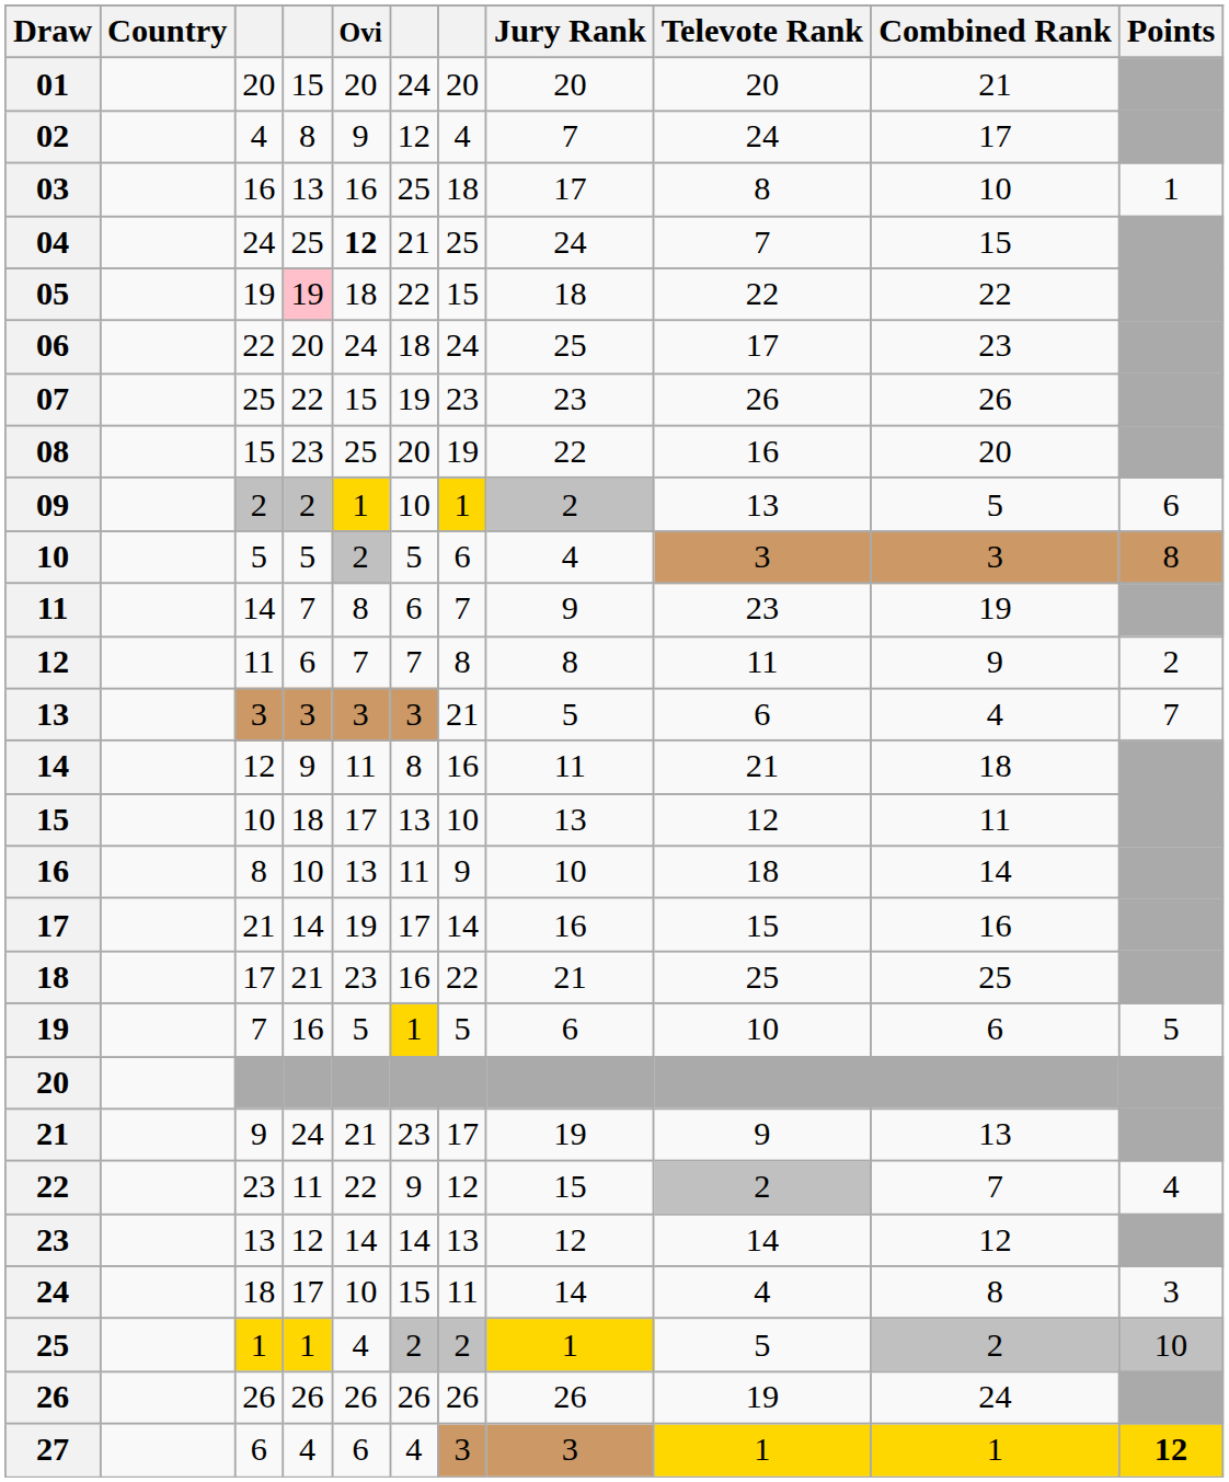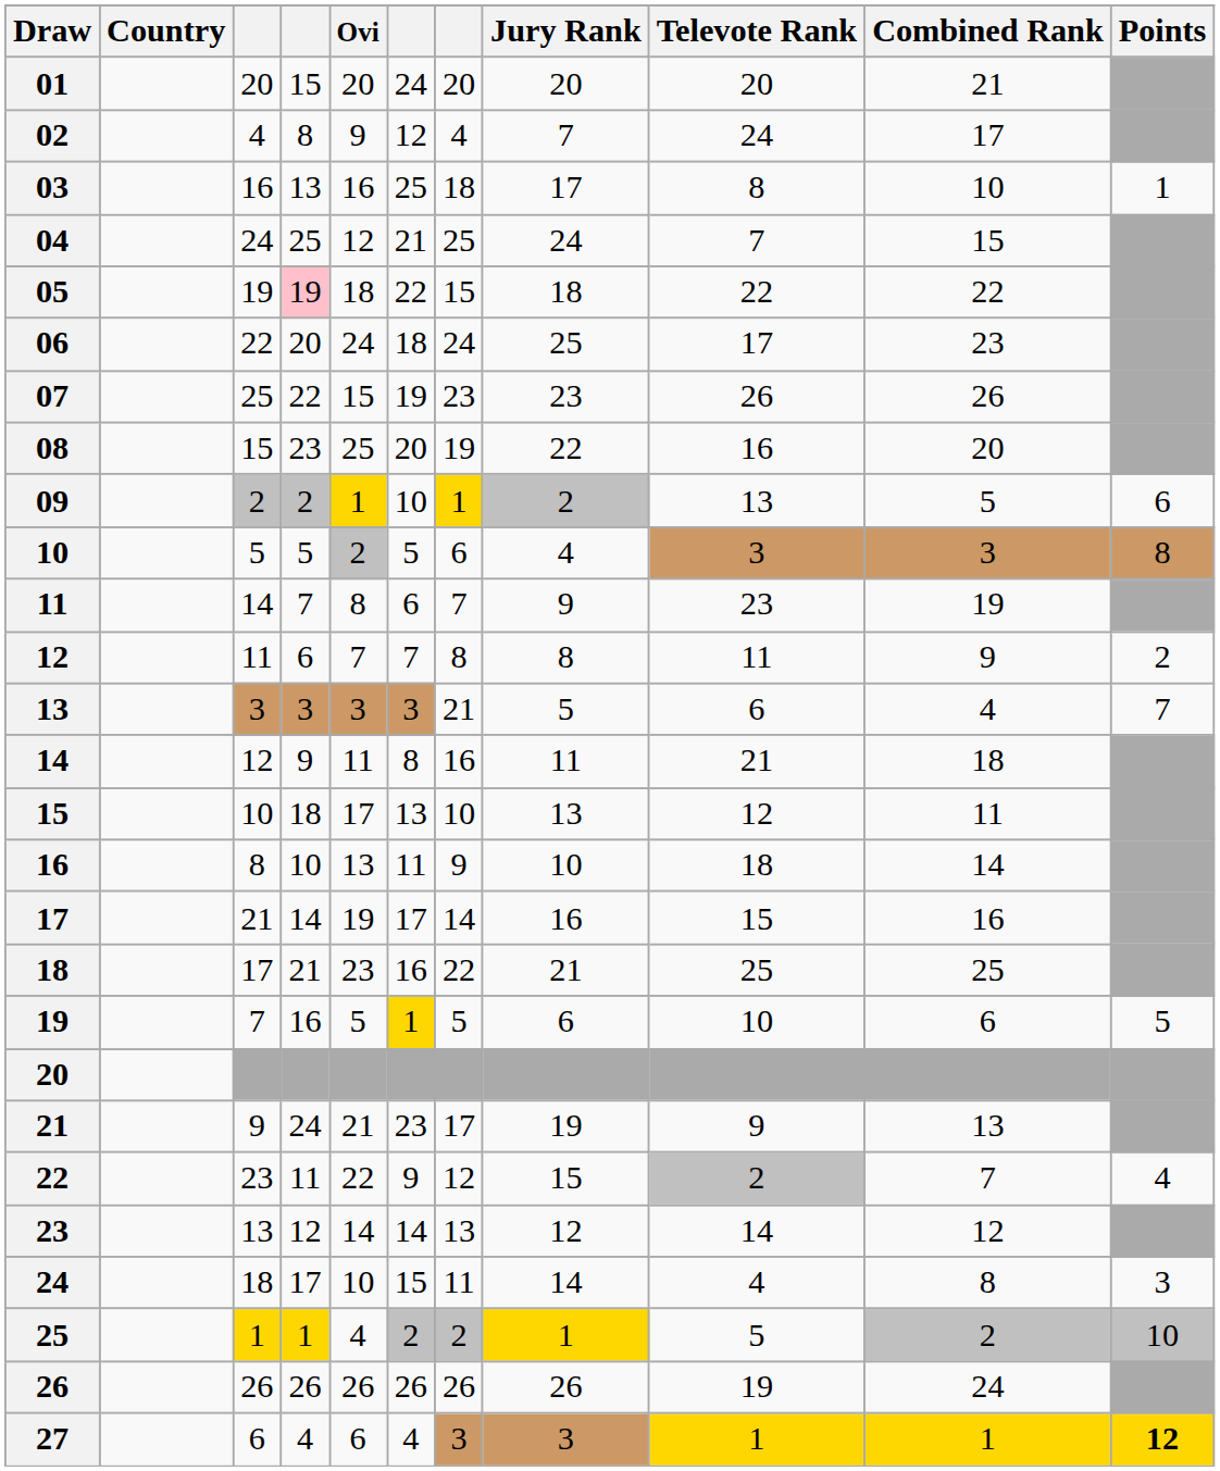 <table class="sortable wikitable collapsible plainrowheaders" style="text-align:center;">
 <tr>
 </tr>
 <tr>
 <th scope="col">Draw</th>
 <th scope="col">Country</th>
 <th scope="col"><small></small></th>
 <th scope="col"><small></small></th>
 <th scope="col"><small>Ovi</small></th>
 <th scope="col"><small></small></th>
 <th scope="col"><small></small></th>
 <th scope="col">Jury Rank</th>
 <th scope="col">Televote Rank</th>
 <th scope="col">Combined Rank</th>
 <th scope="col">Points</th>
 </tr>
 <tr>
 <th scope="row" style="text-align:center;">01</th>
 <td style="text-align:left;"></td>
 <td>20</td>
 <td>15</td>
 <td>20</td>
 <td>24</td>
 <td>20</td>
 <td>20</td>
 <td>20</td>
 <td>21</td>
 <td style="background:#AAAAAA;"></td>
 </tr>
 <tr>
 <th scope="row" style="text-align:center;">02</th>
 <td style="text-align:left;"></td>
 <td>4</td>
 <td>8</td>
 <td>9</td>
 <td>12</td>
 <td>4</td>
 <td>7</td>
 <td>24</td>
 <td>17</td>
 <td style="background:#AAAAAA;"></td>
 </tr>
 <tr>
 <th scope="row" style="text-align:center;">03</th>
 <td style="text-align:left;"></td>
 <td>16</td>
 <td>13</td>
 <td>16</td>
 <td>25</td>
 <td>18</td>
 <td>17</td>
 <td>8</td>
 <td>10</td>
 <td>1</td>
 </tr>
 <tr>
 <th scope="row" style="text-align:center;">04</th>
 <td style="text-align:left;"></td>
 <td>24</td>
 <td>25</td>
-<td><strong>12</strong></td>
+<td>12</td>
 <td>21</td>
 <td>25</td>
 <td>24</td>
 <td>7</td>
 <td>15</td>
 <td style="background:#AAAAAA;"></td>
 </tr>
 <tr>
 <th scope="row" style="text-align:center;">05</th>
 <td style="text-align:left;"></td>
 <td>19</td>
 <td style="background: pink;">19</td>
 <td>18</td>
 <td>22</td>
 <td>15</td>
 <td>18</td>
 <td>22</td>
 <td>22</td>
 <td style="background:#AAAAAA;"></td>
 </tr>
 <tr>
 <th scope="row" style="text-align:center;">06</th>
 <td style="text-align:left;"></td>
 <td>22</td>
 <td>20</td>
 <td>24</td>
 <td>18</td>
 <td>24</td>
 <td>25</td>
 <td>17</td>
 <td>23</td>
 <td style="background:#AAAAAA;"></td>
 </tr>
 <tr>
 <th scope="row" style="text-align:center;">07</th>
 <td style="text-align:left;"></td>
 <td>25</td>
 <td>22</td>
 <td>15</td>
 <td>19</td>
 <td>23</td>
 <td>23</td>
 <td>26</td>
 <td>26</td>
 <td style="background:#AAAAAA;"></td>
 </tr>
 <tr>
 <th scope="row" style="text-align:center;">08</th>
 <td style="text-align:left;"></td>
 <td>15</td>
 <td>23</td>
 <td>25</td>
 <td>20</td>
 <td>19</td>
 <td>22</td>
 <td>16</td>
 <td>20</td>
 <td style="background:#AAAAAA;"></td>
 </tr>
 <tr>
 <th scope="row" style="text-align:center;">09</th>
 <td style="text-align:left;"></td>
 <td style="background:silver;">2</td>
 <td style="background:silver;">2</td>
 <td style="background:gold;">1</td>
 <td>10</td>
 <td style="background:gold;">1</td>
 <td style="background:silver;">2</td>
 <td>13</td>
 <td>5</td>
 <td>6</td>
 </tr>
 <tr>
 <th scope="row" style="text-align:center;">10</th>
 <td style="text-align:left;"></td>
 <td>5</td>
 <td>5</td>
 <td style="background:silver;">2</td>
 <td>5</td>
 <td>6</td>
 <td>4</td>
 <td style="background:#CC9966;">3</td>
 <td style="background:#CC9966;">3</td>
 <td style="background:#CC9966;">8</td>
 </tr>
 <tr>
 <th scope="row" style="text-align:center;">11</th>
 <td style="text-align:left;"></td>
 <td>14</td>
 <td>7</td>
 <td>8</td>
 <td>6</td>
 <td>7</td>
 <td>9</td>
 <td>23</td>
 <td>19</td>
 <td style="background:#AAAAAA;"></td>
 </tr>
 <tr>
 <th scope="row" style="text-align:center;">12</th>
 <td style="text-align:left;"></td>
 <td>11</td>
 <td>6</td>
 <td>7</td>
 <td>7</td>
 <td>8</td>
 <td>8</td>
 <td>11</td>
 <td>9</td>
 <td>2</td>
 </tr>
 <tr>
 <th scope="row" style="text-align:center;">13</th>
 <td style="text-align:left;"></td>
 <td style="background:#CC9966;">3</td>
 <td style="background:#CC9966;">3</td>
 <td style="background:#CC9966;">3</td>
 <td style="background:#CC9966;">3</td>
 <td>21</td>
 <td>5</td>
 <td>6</td>
 <td>4</td>
 <td>7</td>
 </tr>
 <tr>
 <th scope="row" style="text-align:center;">14</th>
 <td style="text-align:left;"></td>
 <td>12</td>
 <td>9</td>
 <td>11</td>
 <td>8</td>
 <td>16</td>
 <td>11</td>
 <td>21</td>
 <td>18</td>
 <td style="background:#AAAAAA;"></td>
 </tr>
 <tr>
 <th scope="row" style="text-align:center;">15</th>
 <td style="text-align:left;"></td>
 <td>10</td>
 <td>18</td>
 <td>17</td>
 <td>13</td>
 <td>10</td>
 <td>13</td>
 <td>12</td>
 <td>11</td>
 <td style="background:#AAAAAA;"></td>
 </tr>
 <tr>
 <th scope="row" style="text-align:center;">16</th>
 <td style="text-align:left;"></td>
 <td>8</td>
 <td>10</td>
 <td>13</td>
 <td>11</td>
 <td>9</td>
 <td>10</td>
 <td>18</td>
 <td>14</td>
 <td style="background:#AAAAAA;"></td>
 </tr>
 <tr>
 <th scope="row" style="text-align:center;">17</th>
 <td style="text-align:left;"></td>
 <td>21</td>
 <td>14</td>
 <td>19</td>
 <td>17</td>
 <td>14</td>
 <td>16</td>
 <td>15</td>
 <td>16</td>
 <td style="background:#AAAAAA;"></td>
 </tr>
 <tr>
 <th scope="row" style="text-align:center;">18</th>
 <td style="text-align:left;"></td>
 <td>17</td>
 <td>21</td>
 <td>23</td>
 <td>16</td>
 <td>22</td>
 <td>21</td>
 <td>25</td>
 <td>25</td>
 <td style="background:#AAAAAA;"></td>
 </tr>
 <tr>
 <th scope="row" style="text-align:center;">19</th>
 <td style="text-align:left;"></td>
 <td>7</td>
 <td>16</td>
 <td>5</td>
 <td style="background:gold;">1</td>
 <td>5</td>
 <td>6</td>
 <td>10</td>
 <td>6</td>
 <td>5</td>
 </tr>
 <tr class="sortbottom">
 <th scope="row" style="text-align:center;">20</th>
 <td style="text-align:left;"></td>
 <td style="background:#AAAAAA;"></td>
 <td style="background:#AAAAAA;"></td>
 <td style="background:#AAAAAA;"></td>
 <td style="background:#AAAAAA;"></td>
 <td style="background:#AAAAAA;"></td>
 <td style="background:#AAAAAA;"></td>
 <td style="background:#AAAAAA;"></td>
 <td style="background:#AAAAAA;"></td>
 <td style="background:#AAAAAA;"></td>
 </tr>
 <tr>
 <th scope="row" style="text-align:center;">21</th>
 <td style="text-align:left;"></td>
 <td>9</td>
 <td>24</td>
 <td>21</td>
 <td>23</td>
 <td>17</td>
 <td>19</td>
 <td>9</td>
 <td>13</td>
 <td style="background:#AAAAAA;"></td>
 </tr>
 <tr>
 <th scope="row" style="text-align:center;">22</th>
 <td style="text-align:left;"></td>
 <td>23</td>
 <td>11</td>
 <td>22</td>
 <td>9</td>
 <td>12</td>
 <td>15</td>
 <td style="background:silver;">2</td>
 <td>7</td>
 <td>4</td>
 </tr>
 <tr>
 <th scope="row" style="text-align:center;">23</th>
 <td style="text-align:left;"></td>
 <td>13</td>
 <td>12</td>
 <td>14</td>
 <td>14</td>
 <td>13</td>
 <td>12</td>
 <td>14</td>
 <td>12</td>
 <td style="background:#AAAAAA;"></td>
 </tr>
 <tr>
 <th scope="row" style="text-align:center;">24</th>
 <td style="text-align:left;"></td>
 <td>18</td>
 <td>17</td>
 <td>10</td>
 <td>15</td>
 <td>11</td>
 <td>14</td>
 <td>4</td>
 <td>8</td>
 <td>3</td>
 </tr>
 <tr>
 <th scope="row" style="text-align:center;">25</th>
 <td style="text-align:left;"></td>
 <td style="background:gold;">1</td>
 <td style="background:gold;">1</td>
 <td>4</td>
 <td style="background:silver;">2</td>
 <td style="background:silver;">2</td>
 <td style="background:gold;">1</td>
 <td>5</td>
 <td style="background:silver;">2</td>
 <td style="background:silver;">10</td>
 </tr>
 <tr>
 <th scope="row" style="text-align:center;">26</th>
 <td style="text-align:left;"></td>
 <td>26</td>
 <td>26</td>
 <td>26</td>
 <td>26</td>
 <td>26</td>
 <td>26</td>
 <td>19</td>
 <td>24</td>
 <td style="background:#AAAAAA;"></td>
 </tr>
 <tr>
 <th scope="row" style="text-align:center;">27</th>
 <td style="text-align:left;"></td>
 <td>6</td>
 <td>4</td>
 <td>6</td>
 <td>4</td>
 <td style="background:#CC9966;">3</td>
 <td style="background:#CC9966;">3</td>
 <td style="background:gold;">1</td>
 <td style="background:gold;">1</td>
 <td style="background:gold;"><strong>12</strong></td>
 </tr>
 </table>
